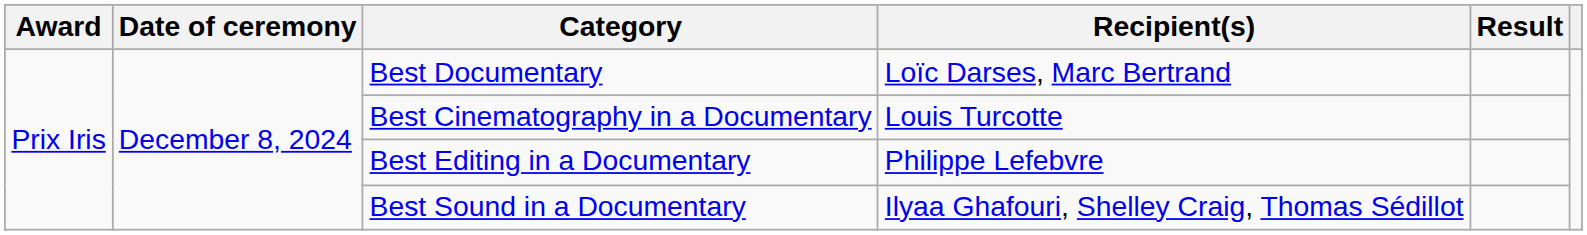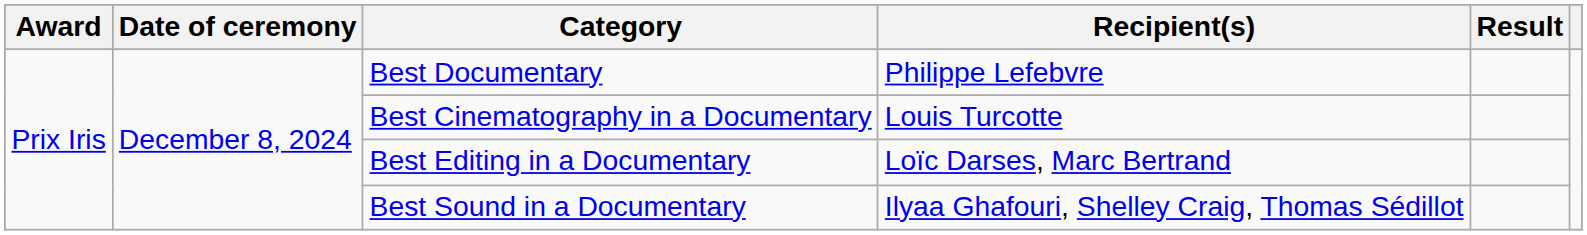 <table class="wikitable sortable plainrowheaders">
 <tr>
 <th scope="col">Award</th>
 <th scope="col">Date of ceremony</th>
 <th scope="col">Category</th>
 <th scope="col">Recipient(s)</th>
 <th scope="col">Result</th>
 <th scope="col" class="unsortable"></th>
 </tr>
 <tr>
 <td rowspan=4><a href='#'>Prix Iris</a></td>
 <td rowspan=4><a href='#'>December 8, 2024</a></td>
 <td><a href='#'>Best Documentary</a></td>
-<td><a href='#'>Loïc Darses</a>, <a href='#'>Marc Bertrand</a></td>
+<td><a href='#'>Philippe Lefebvre</a></td>
 <td></td>
 <td rowspan=4></td>
 </tr>
 <tr>
 <td><a href='#'>Best Cinematography in a Documentary</a></td>
 <td><a href='#'>Louis Turcotte</a></td>
 <td></td>
 </tr>
 <tr>
 <td><a href='#'>Best Editing in a Documentary</a></td>
-<td><a href='#'>Philippe Lefebvre</a></td>
+<td><a href='#'>Loïc Darses</a>, <a href='#'>Marc Bertrand</a></td>
 <td></td>
 </tr>
 <tr>
 <td><a href='#'>Best Sound in a Documentary</a></td>
 <td><a href='#'>Ilyaa Ghafouri</a>, <a href='#'>Shelley Craig</a>, <a href='#'>Thomas Sédillot</a></td>
 <td></td>
 </tr>
 </table>
